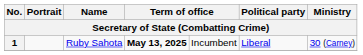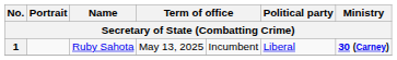 <table class="wikitable">
 <tr>
 <th>No.</th>
 <th>Portrait</th>
 <th>Name</th>
 <th colspan=2>Term of office</th>
 <th>Political party</th>
 <th>Ministry</th>
 </tr>
 <tr>
 <th colspan=7>Secretary of State (Combatting Crime)</th>
 </tr>
 <tr>
 <th style="background:">1</th>
 <td></td>
 <td><a href='#'>Ruby Sahota</a></td>
-<td><strong>May 13, 2025</strong></td>
+<td>May 13, 2025</td>
 <td>Incumbent</td>
 <td><a href='#'>Liberal</a></td>
-<td><a href='#'>30</a> <small>(<a href='#'>Carney</a>)</small></td>
+<td><strong><a href='#'>30</a> <small>(<a href='#'>Carney</a>)</small></strong></td>
 </tr>
 <tr>
 </tr>
 </table>
